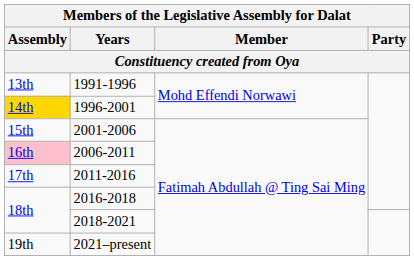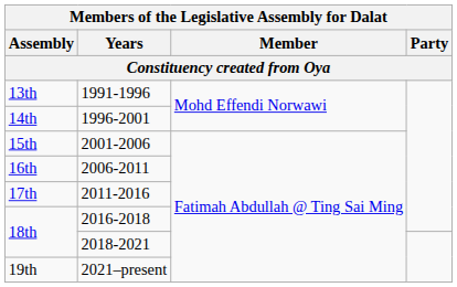 <table class=wikitable>
 <tr>
 <th colspan="4">Members of the Legislative Assembly for Dalat</th>
 </tr>
 <tr>
 <th>Assembly</th>
 <th>Years</th>
 <th>Member</th>
 <th>Party</th>
 </tr>
 <tr>
 <th colspan=4 align=center><em>Constituency created from Oya</em></th>
 </tr>
 <tr>
 <td><a href='#'>13th</a></td>
 <td>1991-1996</td>
 <td rowspan=2><a href='#'>Mohd Effendi Norwawi</a></td>
 <td rowspan=6></td>
 </tr>
 <tr>
-<td style="background: gold;"><a href='#'>14th</a></td>
+<td><a href='#'>14th</a></td>
 <td>1996-2001</td>
 </tr>
 <tr>
 <td><a href='#'>15th</a></td>
 <td>2001-2006</td>
 <td rowspan="6"><a href='#'>Fatimah Abdullah @ Ting Sai Ming</a></td>
 </tr>
 <tr>
-<td style="background: pink;"><a href='#'>16th</a></td>
+<td><a href='#'>16th</a></td>
 <td>2006-2011</td>
 </tr>
 <tr>
 <td><a href='#'>17th</a></td>
 <td>2011-2016</td>
 </tr>
 <tr>
 <td rowspan="2"><a href='#'>18th</a></td>
 <td>2016-2018</td>
 </tr>
 <tr>
 <td>2018-2021</td>
 <td rowspan="2"></td>
 </tr>
 <tr>
 <td>19th</td>
 <td>2021–present</td>
 </tr>
 </table>
